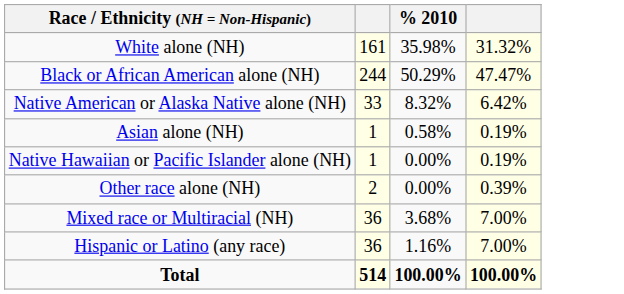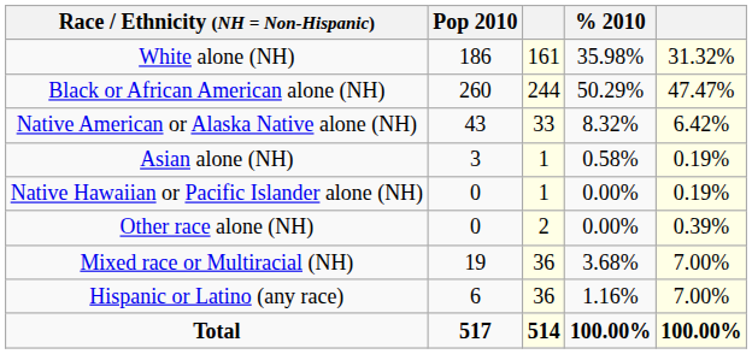 <table class="wikitable" style="text-align:center;">
 <tr>
 <th>Race / Ethnicity <small>(<em>NH = Non-Hispanic</em>)</small></th>
+<th>Pop 2010</th>
 <th></th>
 <th>% 2010</th>
 <th></th>
 </tr>
 <tr>
 <td><a href='#'>White</a> alone (NH)</td>
+<td>186</td>
 <td style='background: #ffffe6;'>161</td>
 <td>35.98%</td>
 <td style='background: #ffffe6;'>31.32%</td>
 </tr>
 <tr>
 <td><a href='#'>Black or African American</a> alone (NH)</td>
+<td>260</td>
 <td style='background: #ffffe6;'>244</td>
 <td>50.29%</td>
 <td style='background: #ffffe6;'>47.47%</td>
 </tr>
 <tr>
 <td><a href='#'>Native American</a> or <a href='#'>Alaska Native</a> alone (NH)</td>
+<td>43</td>
 <td style='background: #ffffe6;'>33</td>
 <td>8.32%</td>
 <td style='background: #ffffe6;'>6.42%</td>
 </tr>
 <tr>
 <td><a href='#'>Asian</a> alone (NH)</td>
+<td>3</td>
 <td style='background: #ffffe6;'>1</td>
 <td>0.58%</td>
 <td style='background: #ffffe6;'>0.19%</td>
 </tr>
 <tr>
 <td><a href='#'>Native Hawaiian</a> or <a href='#'>Pacific Islander</a> alone (NH)</td>
+<td>0</td>
 <td style='background: #ffffe6;'>1</td>
 <td>0.00%</td>
 <td style='background: #ffffe6;'>0.19%</td>
 </tr>
 <tr>
 <td><a href='#'>Other race</a> alone (NH)</td>
+<td>0</td>
 <td style='background: #ffffe6;'>2</td>
 <td>0.00%</td>
 <td style='background: #ffffe6;'>0.39%</td>
 </tr>
 <tr>
 <td><a href='#'>Mixed race or Multiracial</a> (NH)</td>
+<td>19</td>
 <td style='background: #ffffe6;'>36</td>
 <td>3.68%</td>
 <td style='background: #ffffe6;'>7.00%</td>
 </tr>
 <tr>
 <td><a href='#'>Hispanic or Latino</a> (any race)</td>
+<td>6</td>
 <td style='background: #ffffe6;'>36</td>
 <td>1.16%</td>
 <td style='background: #ffffe6;'>7.00%</td>
 </tr>
 <tr>
 <td><strong>Total</strong></td>
+<td><strong>517</strong></td>
 <td style='background: #ffffe6;'><strong>514</strong></td>
 <td><strong>100.00%</strong></td>
 <td style='background: #ffffe6;'><strong>100.00%</strong></td>
 </tr>
 </table>
